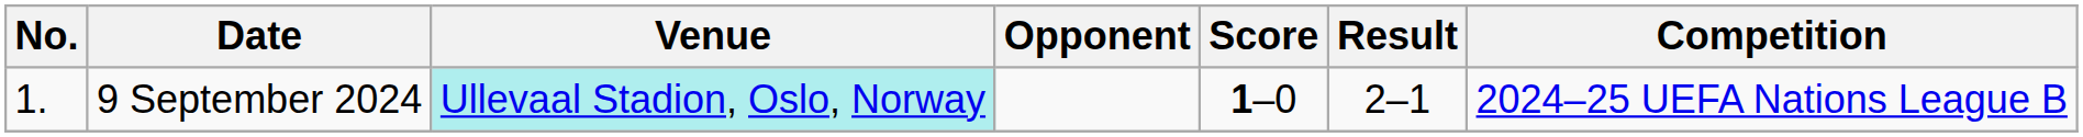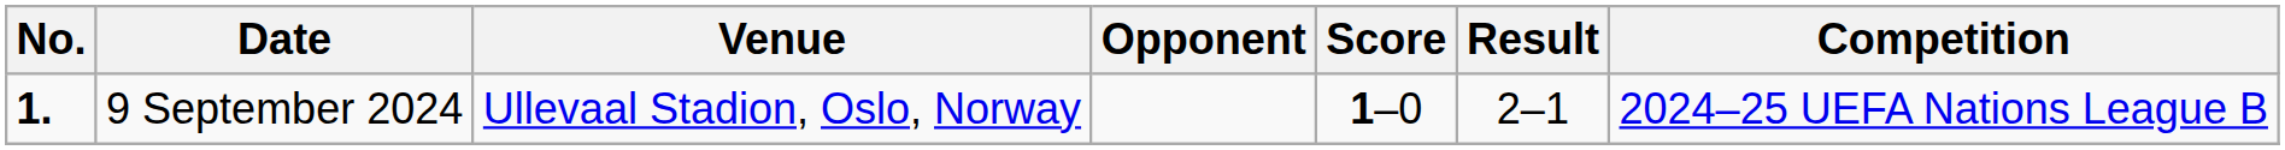 <table class="wikitable">
 <tr>
 <th>No.</th>
 <th>Date</th>
 <th>Venue</th>
 <th>Opponent</th>
 <th>Score</th>
 <th>Result</th>
 <th>Competition</th>
 </tr>
 <tr>
-<td>1.</td>
+<td><strong>1.</strong></td>
 <td>9 September 2024</td>
-<td style="background: paleturquoise;"><a href='#'>Ullevaal Stadion</a>, <a href='#'>Oslo</a>, <a href='#'>Norway</a></td>
+<td><a href='#'>Ullevaal Stadion</a>, <a href='#'>Oslo</a>, <a href='#'>Norway</a></td>
 <td></td>
 <td align=center><strong>1</strong>–0</td>
 <td align=center>2–1</td>
 <td><a href='#'>2024–25 UEFA Nations League B</a></td>
 </tr>
 <tr>
 </tr>
 </table>
